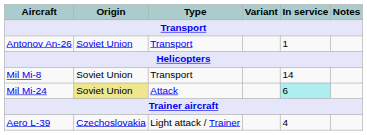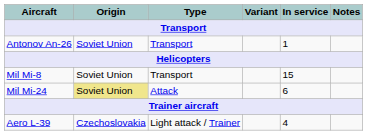 <table class="wikitable">
 <tr>
 <th style="text-align:center; background:#acc;">Aircraft</th>
 <th style="text-align: center; background:#acc;">Origin</th>
 <th style="text-align:l center; background:#acc;">Type</th>
 <th style="text-align:left; background:#acc;">Variant</th>
 <th style="text-align:center; background:#acc;">In service</th>
 <th style="text-align: center; background:#acc;">Notes</th>
 </tr>
 <tr>
 <th style="align: center; background: lavender;" colspan="7"><a href='#'>Transport</a></th>
 </tr>
 <tr>
 <td><a href='#'>Antonov An-26</a></td>
 <td><a href='#'>Soviet Union</a></td>
 <td><a href='#'>Transport</a></td>
 <td></td>
 <td>1</td>
 <td></td>
 </tr>
 <tr>
 <th style="align: center; background: lavender;" colspan="7"><a href='#'>Helicopters</a></th>
 </tr>
 <tr>
 <td><a href='#'>Mil Mi-8</a></td>
 <td>Soviet Union</td>
 <td>Transport</td>
 <td></td>
-<td>14</td>
+<td>15</td>
 <td></td>
 </tr>
 <tr>
 <td><a href='#'>Mil Mi-24</a></td>
 <td style="background: khaki;">Soviet Union</td>
 <td><a href='#'>Attack</a></td>
 <td></td>
-<td style="background: paleturquoise;">6</td>
+<td>6</td>
 <td></td>
 </tr>
 <tr>
 <th style="align: center; background: lavender;" colspan="7"><a href='#'>Trainer aircraft</a></th>
 </tr>
 <tr>
 <td><a href='#'>Aero L-39</a></td>
 <td><a href='#'>Czechoslovakia</a></td>
 <td>Light attack / <a href='#'>Trainer</a></td>
 <td></td>
 <td>4</td>
 <td></td>
 </tr>
 </table>
